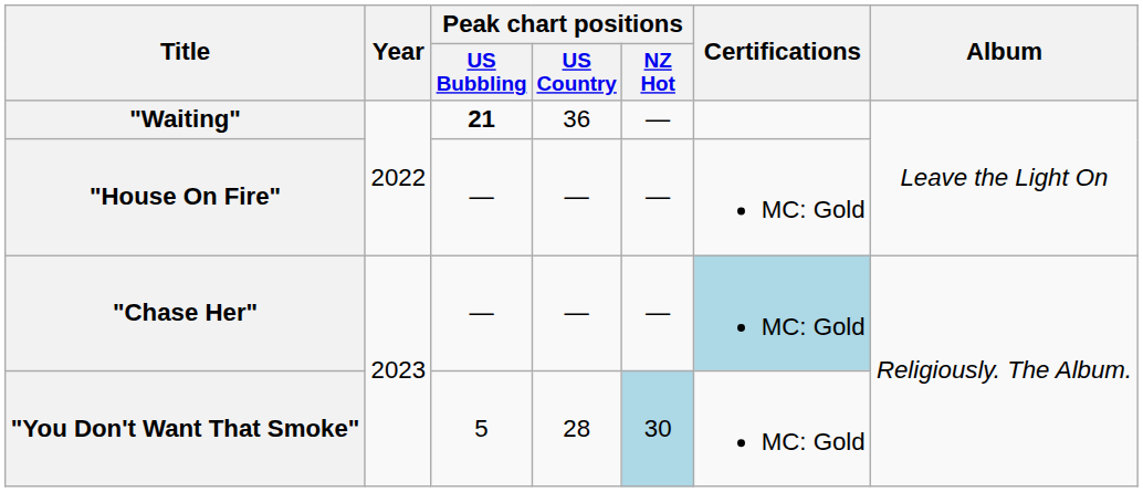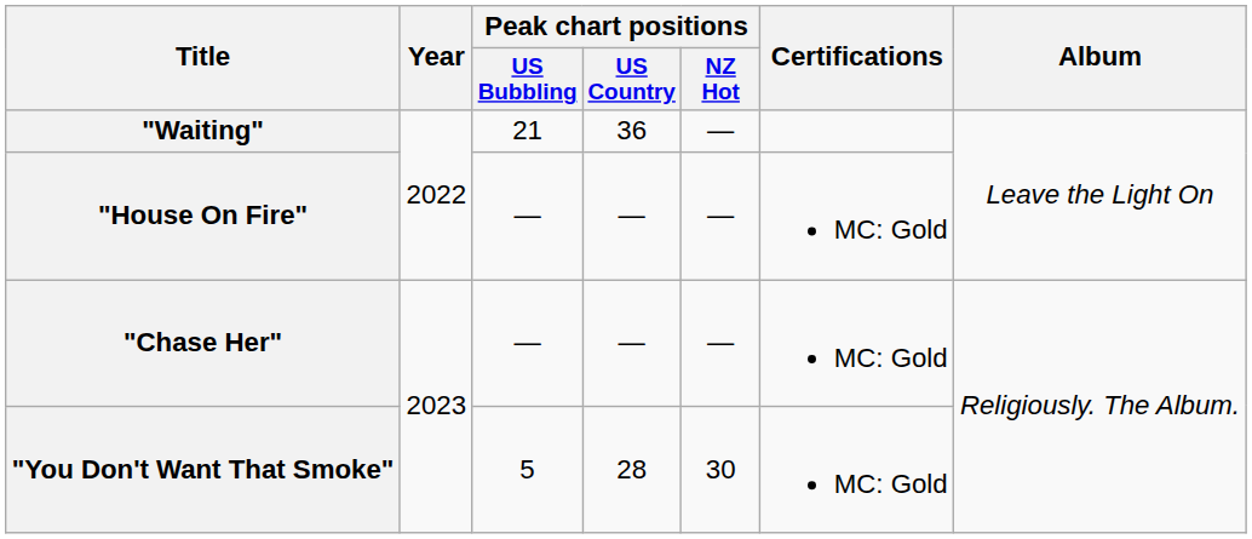 <table class="wikitable plainrowheaders" style="text-align:center;">
 <tr>
 <th scope="col" rowspan="2">Title</th>
 <th scope="col" rowspan="2">Year</th>
 <th scope="col" colspan="3">Peak chart positions</th>
 <th scope="col" rowspan="2">Certifications</th>
 <th scope="col" rowspan="2">Album</th>
 </tr>
 <tr>
 <th scope="col" style="width:3em;font-size:85%;"><a href='#'>US<br>Bubbling</a><br></th>
 <th scope="col" style="width:3em;font-size:85%;"><a href='#'>US<br>Country</a><br></th>
 <th scope="col" style="width:3em;font-size:85%;"><a href='#'>NZ<br>Hot</a><br></th>
 </tr>
 <tr>
 <th scope="row">"Waiting"</th>
 <td rowspan="2">2022</td>
-<td><strong>21</strong></td>
+<td>21</td>
 <td>36</td>
 <td>—</td>
 <td></td>
 <td rowspan="2"><em>Leave the Light On</em></td>
 </tr>
 <tr>
 <th scope="row">"House On Fire"</th>
 <td>—</td>
 <td>—</td>
 <td>—</td>
 <td><br><ul><li>MC: Gold</li></ul></td>
 </tr>
 <tr>
 <th scope="row">"Chase Her"</th>
 <td rowspan="2">2023</td>
 <td>—</td>
 <td>—</td>
 <td>—</td>
-<td style="background: lightblue;"><br><ul><li>MC: Gold</li></ul></td>
+<td><br><ul><li>MC: Gold</li></ul></td>
 <td rowspan="2"><em>Religiously. The Album.</em></td>
 </tr>
 <tr>
 <th scope="row">"You Don't Want That Smoke"</th>
 <td>5</td>
 <td>28</td>
-<td style="background: lightblue;">30</td>
+<td>30</td>
 <td><br><ul><li>MC: Gold</li></ul></td>
 </tr>
 </table>
